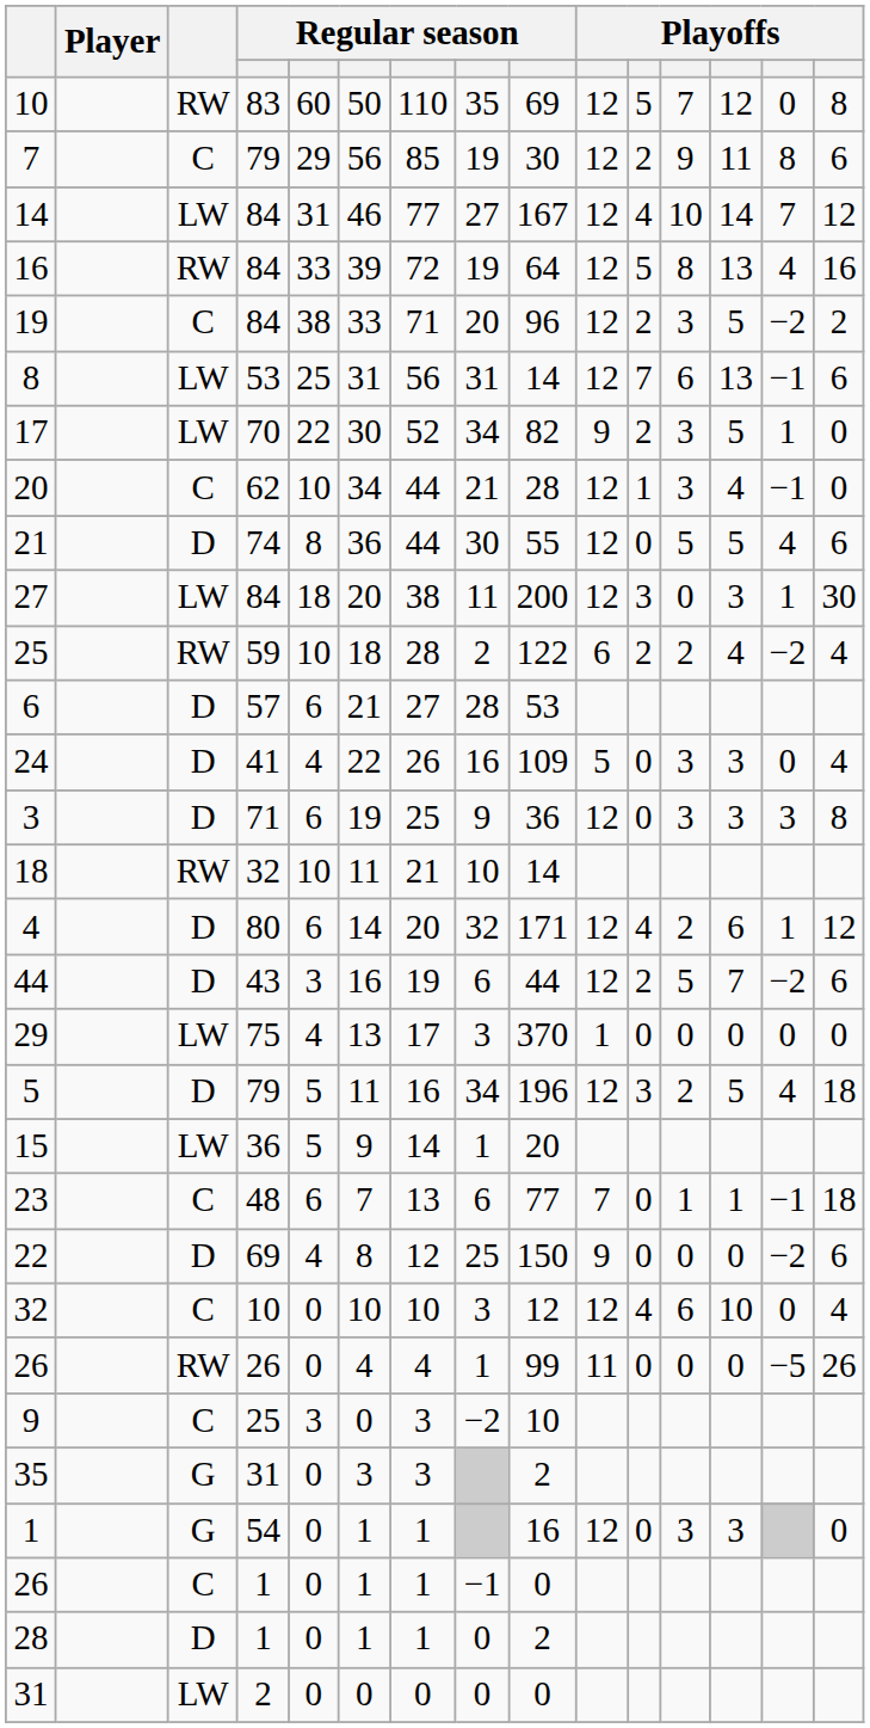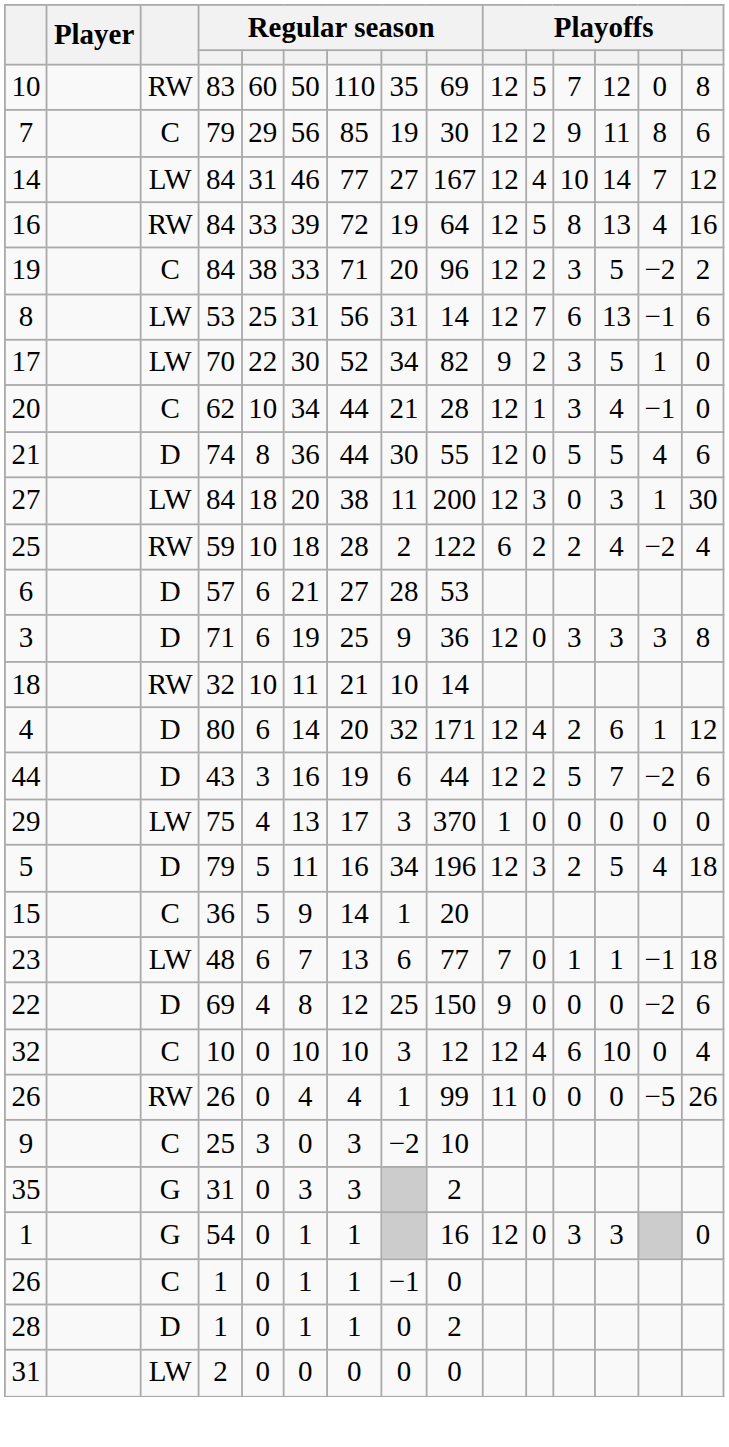 <table class="wikitable sortable plainrowheaders" style="text-align:center;">
 <tr>
 <th scope="col" data-sort-type="number" rowspan="2"></th>
 <th scope="col" rowspan="2">Player</th>
 <th scope="col" rowspan="2"></th>
 <th scope=colgroup colspan=6>Regular season</th>
 <th scope=colgroup colspan=6>Playoffs</th>
 </tr>
 <tr>
 <th scope="col" data-sort-type="number"></th>
 <th scope="col" data-sort-type="number"></th>
 <th scope="col" data-sort-type="number"></th>
 <th scope="col" data-sort-type="number"></th>
 <th scope="col" data-sort-type="number"></th>
 <th scope="col" data-sort-type="number"></th>
 <th scope="col" data-sort-type="number"></th>
 <th scope="col" data-sort-type="number"></th>
 <th scope="col" data-sort-type="number"></th>
 <th scope="col" data-sort-type="number"></th>
 <th scope="col" data-sort-type="number"></th>
 <th scope="col" data-sort-type="number"></th>
 </tr>
 <tr>
 <td scope="row">10</td>
 <td align="left"></td>
 <td>RW</td>
 <td>83</td>
 <td>60</td>
 <td>50</td>
 <td>110</td>
 <td>35</td>
 <td>69</td>
 <td>12</td>
 <td>5</td>
 <td>7</td>
 <td>12</td>
 <td>0</td>
 <td>8</td>
 </tr>
 <tr>
 <td scope="row">7</td>
 <td align="left"></td>
 <td>C</td>
 <td>79</td>
 <td>29</td>
 <td>56</td>
 <td>85</td>
 <td>19</td>
 <td>30</td>
 <td>12</td>
 <td>2</td>
 <td>9</td>
 <td>11</td>
 <td>8</td>
 <td>6</td>
 </tr>
 <tr>
 <td scope="row">14</td>
 <td align="left"></td>
 <td>LW</td>
 <td>84</td>
 <td>31</td>
 <td>46</td>
 <td>77</td>
 <td>27</td>
 <td>167</td>
 <td>12</td>
 <td>4</td>
 <td>10</td>
 <td>14</td>
 <td>7</td>
 <td>12</td>
 </tr>
 <tr>
 <td scope="row">16</td>
 <td align="left"></td>
 <td>RW</td>
 <td>84</td>
 <td>33</td>
 <td>39</td>
 <td>72</td>
 <td>19</td>
 <td>64</td>
 <td>12</td>
 <td>5</td>
 <td>8</td>
 <td>13</td>
 <td>4</td>
 <td>16</td>
 </tr>
 <tr>
 <td scope="row">19</td>
 <td align="left"></td>
 <td>C</td>
 <td>84</td>
 <td>38</td>
 <td>33</td>
 <td>71</td>
 <td>20</td>
 <td>96</td>
 <td>12</td>
 <td>2</td>
 <td>3</td>
 <td>5</td>
 <td>−2</td>
 <td>2</td>
 </tr>
 <tr>
 <td scope="row">8</td>
 <td align="left"></td>
 <td>LW</td>
 <td>53</td>
 <td>25</td>
 <td>31</td>
 <td>56</td>
 <td>31</td>
 <td>14</td>
 <td>12</td>
 <td>7</td>
 <td>6</td>
 <td>13</td>
 <td>−1</td>
 <td>6</td>
 </tr>
 <tr>
 <td scope="row">17</td>
 <td align="left"></td>
 <td>LW</td>
 <td>70</td>
 <td>22</td>
 <td>30</td>
 <td>52</td>
 <td>34</td>
 <td>82</td>
 <td>9</td>
 <td>2</td>
 <td>3</td>
 <td>5</td>
 <td>1</td>
 <td>0</td>
 </tr>
 <tr>
 <td scope="row">20</td>
 <td align="left"></td>
 <td>C</td>
 <td>62</td>
 <td>10</td>
 <td>34</td>
 <td>44</td>
 <td>21</td>
 <td>28</td>
 <td>12</td>
 <td>1</td>
 <td>3</td>
 <td>4</td>
 <td>−1</td>
 <td>0</td>
 </tr>
 <tr>
 <td scope="row">21</td>
 <td align="left"></td>
 <td>D</td>
 <td>74</td>
 <td>8</td>
 <td>36</td>
 <td>44</td>
 <td>30</td>
 <td>55</td>
 <td>12</td>
 <td>0</td>
 <td>5</td>
 <td>5</td>
 <td>4</td>
 <td>6</td>
 </tr>
 <tr>
 <td scope="row">27</td>
 <td align="left"></td>
 <td>LW</td>
 <td>84</td>
 <td>18</td>
 <td>20</td>
 <td>38</td>
 <td>11</td>
 <td>200</td>
 <td>12</td>
 <td>3</td>
 <td>0</td>
 <td>3</td>
 <td>1</td>
 <td>30</td>
 </tr>
 <tr>
 <td scope="row">25</td>
 <td align="left"></td>
 <td>RW</td>
 <td>59</td>
 <td>10</td>
 <td>18</td>
 <td>28</td>
 <td>2</td>
 <td>122</td>
 <td>6</td>
 <td>2</td>
 <td>2</td>
 <td>4</td>
 <td>−2</td>
 <td>4</td>
 </tr>
 <tr>
 <td scope="row">6</td>
 <td align="left"></td>
 <td>D</td>
 <td>57</td>
 <td>6</td>
 <td>21</td>
 <td>27</td>
 <td>28</td>
 <td>53</td>
 <td></td>
 <td></td>
 <td></td>
 <td></td>
 <td></td>
 <td></td>
 </tr>
 <tr>
-<td scope="row">24</td>
-<td align="left"></td>
-<td>D</td>
-<td>41</td>
-<td>4</td>
-<td>22</td>
-<td>26</td>
-<td>16</td>
-<td>109</td>
-<td>5</td>
-<td>0</td>
-<td>3</td>
-<td>3</td>
-<td>0</td>
-<td>4</td>
-</tr>
-<tr>
 <td scope="row">3</td>
 <td align="left"></td>
 <td>D</td>
 <td>71</td>
 <td>6</td>
 <td>19</td>
 <td>25</td>
 <td>9</td>
 <td>36</td>
 <td>12</td>
 <td>0</td>
 <td>3</td>
 <td>3</td>
 <td>3</td>
 <td>8</td>
 </tr>
 <tr>
 <td scope="row">18</td>
 <td align="left"></td>
 <td>RW</td>
 <td>32</td>
 <td>10</td>
 <td>11</td>
 <td>21</td>
 <td>10</td>
 <td>14</td>
 <td></td>
 <td></td>
 <td></td>
 <td></td>
 <td></td>
 <td></td>
 </tr>
 <tr>
 <td scope="row">4</td>
 <td align="left"></td>
 <td>D</td>
 <td>80</td>
 <td>6</td>
 <td>14</td>
 <td>20</td>
 <td>32</td>
 <td>171</td>
 <td>12</td>
 <td>4</td>
 <td>2</td>
 <td>6</td>
 <td>1</td>
 <td>12</td>
 </tr>
 <tr>
 <td scope="row">44</td>
 <td align="left"></td>
 <td>D</td>
 <td>43</td>
 <td>3</td>
 <td>16</td>
 <td>19</td>
 <td>6</td>
 <td>44</td>
 <td>12</td>
 <td>2</td>
 <td>5</td>
 <td>7</td>
 <td>−2</td>
 <td>6</td>
 </tr>
 <tr>
 <td scope="row">29</td>
 <td align="left"></td>
 <td>LW</td>
 <td>75</td>
 <td>4</td>
 <td>13</td>
 <td>17</td>
 <td>3</td>
 <td>370</td>
 <td>1</td>
 <td>0</td>
 <td>0</td>
 <td>0</td>
 <td>0</td>
 <td>0</td>
 </tr>
 <tr>
 <td scope="row">5</td>
 <td align="left"></td>
 <td>D</td>
 <td>79</td>
 <td>5</td>
 <td>11</td>
 <td>16</td>
 <td>34</td>
 <td>196</td>
 <td>12</td>
 <td>3</td>
 <td>2</td>
 <td>5</td>
 <td>4</td>
 <td>18</td>
 </tr>
 <tr>
 <td scope="row">15</td>
 <td align="left"></td>
-<td>LW</td>
+<td>C</td>
 <td>36</td>
 <td>5</td>
 <td>9</td>
 <td>14</td>
 <td>1</td>
 <td>20</td>
 <td></td>
 <td></td>
 <td></td>
 <td></td>
 <td></td>
 <td></td>
 </tr>
 <tr>
 <td scope="row">23</td>
 <td align="left"></td>
-<td>C</td>
+<td>LW</td>
 <td>48</td>
 <td>6</td>
 <td>7</td>
 <td>13</td>
 <td>6</td>
 <td>77</td>
 <td>7</td>
 <td>0</td>
 <td>1</td>
 <td>1</td>
 <td>−1</td>
 <td>18</td>
 </tr>
 <tr>
 <td scope="row">22</td>
 <td align="left"></td>
 <td>D</td>
 <td>69</td>
 <td>4</td>
 <td>8</td>
 <td>12</td>
 <td>25</td>
 <td>150</td>
 <td>9</td>
 <td>0</td>
 <td>0</td>
 <td>0</td>
 <td>−2</td>
 <td>6</td>
 </tr>
 <tr>
 <td scope="row">32</td>
 <td align="left"></td>
 <td>C</td>
 <td>10</td>
 <td>0</td>
 <td>10</td>
 <td>10</td>
 <td>3</td>
 <td>12</td>
 <td>12</td>
 <td>4</td>
 <td>6</td>
 <td>10</td>
 <td>0</td>
 <td>4</td>
 </tr>
 <tr>
 <td scope="row">26</td>
 <td align="left"></td>
 <td>RW</td>
 <td>26</td>
 <td>0</td>
 <td>4</td>
 <td>4</td>
 <td>1</td>
 <td>99</td>
 <td>11</td>
 <td>0</td>
 <td>0</td>
 <td>0</td>
 <td>−5</td>
 <td>26</td>
 </tr>
 <tr>
 <td scope="row">9</td>
 <td align="left"></td>
 <td>C</td>
 <td>25</td>
 <td>3</td>
 <td>0</td>
 <td>3</td>
 <td>−2</td>
 <td>10</td>
 <td></td>
 <td></td>
 <td></td>
 <td></td>
 <td></td>
 <td></td>
 </tr>
 <tr>
 <td scope="row">35</td>
 <td align="left"></td>
 <td>G</td>
 <td>31</td>
 <td>0</td>
 <td>3</td>
 <td>3</td>
 <td style="background:#ccc"></td>
 <td>2</td>
 <td></td>
 <td></td>
 <td></td>
 <td></td>
 <td></td>
 <td></td>
 </tr>
 <tr>
 <td scope="row">1</td>
 <td align="left"></td>
 <td>G</td>
 <td>54</td>
 <td>0</td>
 <td>1</td>
 <td>1</td>
 <td style="background:#ccc"></td>
 <td>16</td>
 <td>12</td>
 <td>0</td>
 <td>3</td>
 <td>3</td>
 <td style="background:#ccc"></td>
 <td>0</td>
 </tr>
 <tr>
 <td scope="row">26</td>
 <td align="left"></td>
 <td>C</td>
 <td>1</td>
 <td>0</td>
 <td>1</td>
 <td>1</td>
 <td>−1</td>
 <td>0</td>
 <td></td>
 <td></td>
 <td></td>
 <td></td>
 <td></td>
 <td></td>
 </tr>
 <tr>
 <td scope="row">28</td>
 <td align="left"></td>
 <td>D</td>
 <td>1</td>
 <td>0</td>
 <td>1</td>
 <td>1</td>
 <td>0</td>
 <td>2</td>
 <td></td>
 <td></td>
 <td></td>
 <td></td>
 <td></td>
 <td></td>
 </tr>
 <tr>
 <td scope="row">31</td>
 <td align="left"></td>
 <td>LW</td>
 <td>2</td>
 <td>0</td>
 <td>0</td>
 <td>0</td>
 <td>0</td>
 <td>0</td>
 <td></td>
 <td></td>
 <td></td>
 <td></td>
 <td></td>
 <td></td>
 </tr>
 </table>
